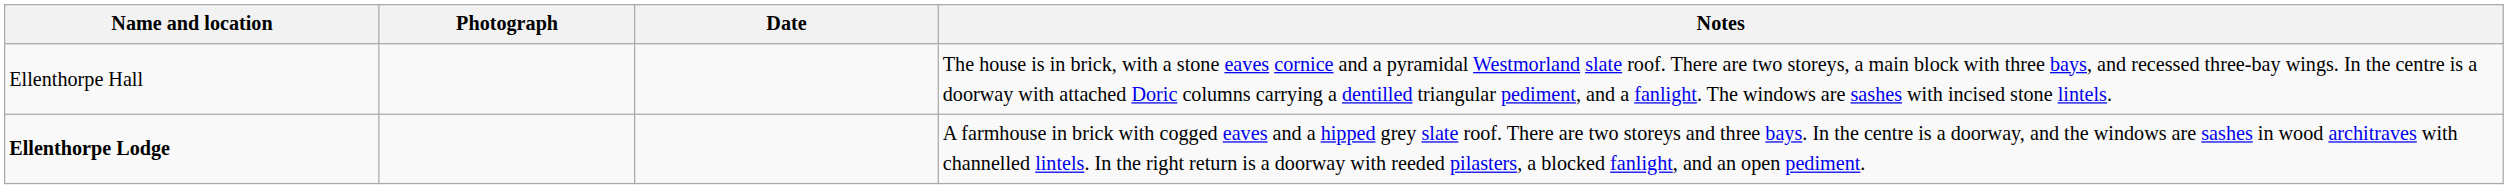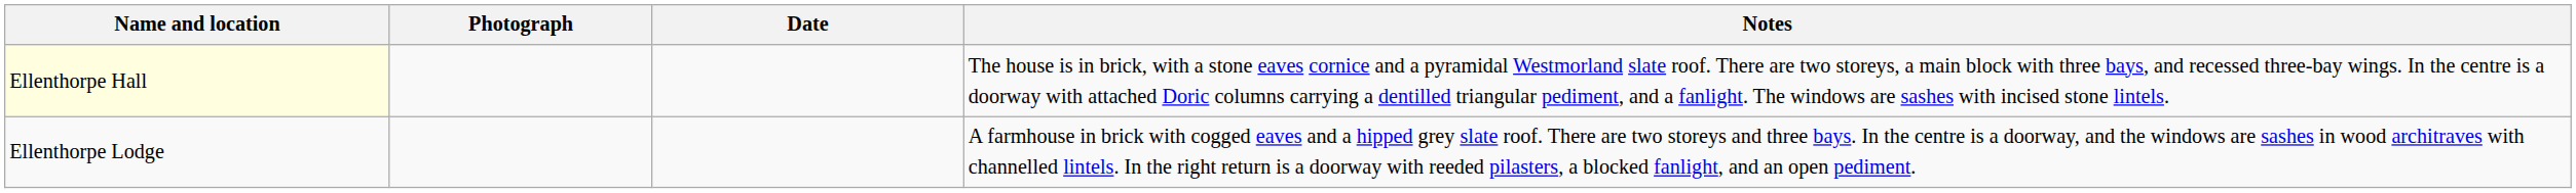 <table class="wikitable sortable plainrowheaders" style="width:100%;border:0px;text-align:left;line-height:150%;">
 <tr>
 <th scope="col"  style="width:150px">Name and location</th>
 <th scope="col"  style="width:100px" class="unsortable">Photograph</th>
 <th scope="col"  style="width:120px">Date</th>
 <th scope="col"  style="width:650px" class="unsortable">Notes</th>
 </tr>
 <tr>
-<td>Ellenthorpe Hall<br><small></small></td>
+<td style="background: lightyellow;">Ellenthorpe Hall<br><small></small></td>
 <td></td>
 <td align="center"></td>
 <td>The house is in brick, with a stone <a href='#'>eaves</a> <a href='#'>cornice</a> and a pyramidal <a href='#'>Westmorland</a> <a href='#'>slate</a> roof.  There are two storeys, a main block with three <a href='#'>bays</a>, and recessed three-bay wings.  In the centre is a doorway with attached <a href='#'>Doric</a> columns carrying a <a href='#'>dentilled</a> triangular <a href='#'>pediment</a>, and a <a href='#'>fanlight</a>.  The windows are <a href='#'>sashes</a> with incised stone <a href='#'>lintels</a>.</td>
 </tr>
 <tr>
-<td><strong>Ellenthorpe Lodge<br><small></small></strong></td>
+<td>Ellenthorpe Lodge<br><small></small></td>
 <td></td>
 <td align="center"></td>
 <td>A farmhouse in brick with cogged <a href='#'>eaves</a> and a <a href='#'>hipped</a> grey <a href='#'>slate</a> roof.  There are two storeys and three <a href='#'>bays</a>.  In the centre is a doorway, and the windows are <a href='#'>sashes</a> in wood <a href='#'>architraves</a> with channelled <a href='#'>lintels</a>.  In the right return is a doorway with reeded <a href='#'>pilasters</a>, a blocked <a href='#'>fanlight</a>, and an open <a href='#'>pediment</a>.</td>
 </tr>
 <tr>
 </tr>
 </table>
